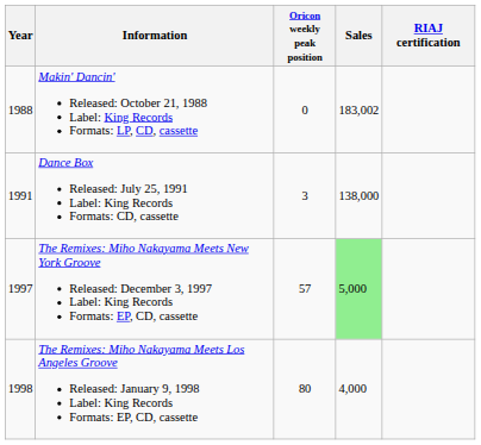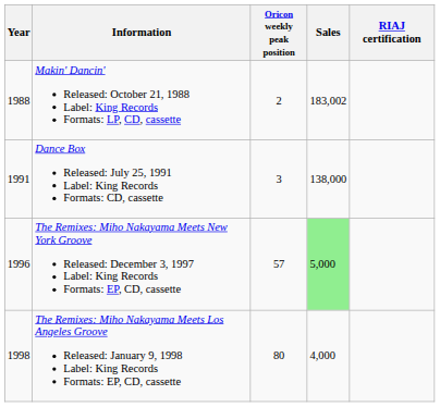 <table class="wikitable">
 <tr>
 <th>Year</th>
 <th>Information</th>
 <th><small><a href='#'>Oricon</a> weekly<br>peak position</small></th>
 <th>Sales<br></th>
 <th><a href='#'>RIAJ</a> certification</th>
 </tr>
 <tr>
 <td>1988</td>
 <td><em><a href='#'>Makin' Dancin'</a></em><br><ul><li>Released: October 21, 1988</li><li>Label: <a href='#'>King Records</a></li><li>Formats: <a href='#'>LP</a>, <a href='#'>CD</a>, <a href='#'>cassette</a></li></ul></td>
-<td style="text-align:center;">0</td>
+<td style="text-align:center;">2</td>
 <td align="left">183,002</td>
 <td align="left"></td>
 </tr>
 <tr>
 <td>1991</td>
 <td><em><a href='#'>Dance Box</a></em><br><ul><li>Released: July 25, 1991</li><li>Label: King Records</li><li>Formats: CD, cassette</li></ul></td>
 <td style="text-align:center;">3</td>
 <td align="left">138,000</td>
 <td align="left"></td>
 </tr>
 <tr>
-<td>1997</td>
+<td>1996</td>
 <td><em><a href='#'>The Remixes: Miho Nakayama Meets New York Groove</a></em><br><ul><li>Released: December 3, 1997</li><li>Label: King Records</li><li>Formats: <a href='#'>EP</a>, CD, cassette</li></ul></td>
 <td style="text-align:center;">57</td>
 <td align="left" style="background: lightgreen;">5,000</td>
 <td align="left"></td>
 </tr>
 <tr>
 <td>1998</td>
 <td><em><a href='#'>The Remixes: Miho Nakayama Meets Los Angeles Groove</a></em><br><ul><li>Released: January 9, 1998</li><li>Label: King Records</li><li>Formats: EP, CD, cassette</li></ul></td>
 <td style="text-align:center;">80</td>
 <td align="left">4,000</td>
 <td align="left"></td>
 </tr>
 </table>
